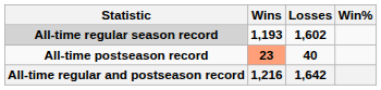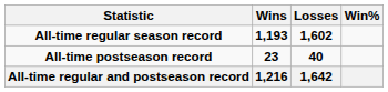 <table class="wikitable" style="text-align:center; font-size:95%">
 <tr hfh>
 <th>Statistic</th>
 <th>Wins</th>
 <th>Losses</th>
 <th>Win%</th>
 </tr>
 <tr>
-<td style="background: lightgrey;"><strong>All-time regular season record</strong></td>
+<td><strong>All-time regular season record</strong></td>
 <td><strong>1,193</strong></td>
 <td><strong>1,602</strong></td>
 <td><strong></strong></td>
 </tr>
 <tr>
 <td><strong>All-time postseason record</strong></td>
-<td style="background: lightsalmon;"><strong>23</strong></td>
+<td><strong>23</strong></td>
 <td><strong>40</strong></td>
 <td><strong></strong></td>
 </tr>
 <tr>
 <th><strong>All-time regular and postseason record</strong></th>
 <th><strong>1,216</strong></th>
 <th><strong>1,642</strong></th>
 <th><strong></strong></th>
 </tr>
 </table>
